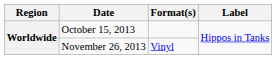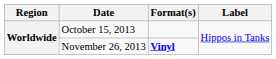 <table class="wikitable plainrowheaders">
 <tr>
 <th scope="col">Region</th>
 <th scope="col">Date</th>
 <th scope="col">Format(s)</th>
 <th scope="col">Label</th>
 </tr>
 <tr>
 <th scope="row" rowspan=2>Worldwide</th>
 <td>October 15, 2013</td>
 <td></td>
 <td rowspan=2><a href='#'>Hippos in Tanks</a></td>
 </tr>
 <tr>
 <td>November 26, 2013</td>
-<td><a href='#'>Vinyl</a></td>
+<td><strong><a href='#'>Vinyl</a></strong></td>
 </tr>
 </table>
